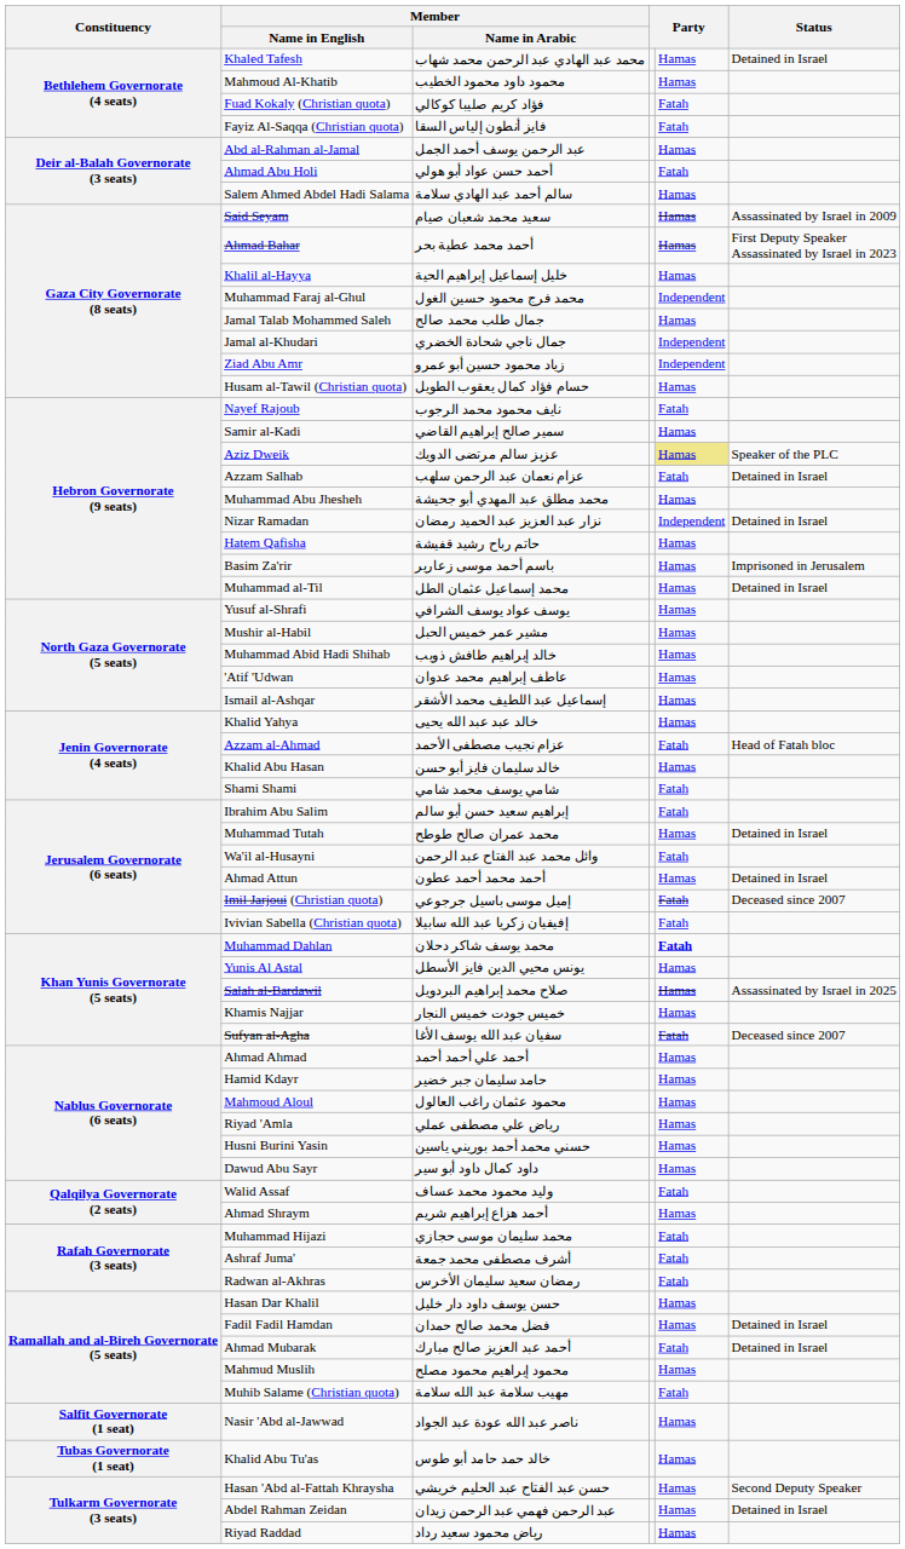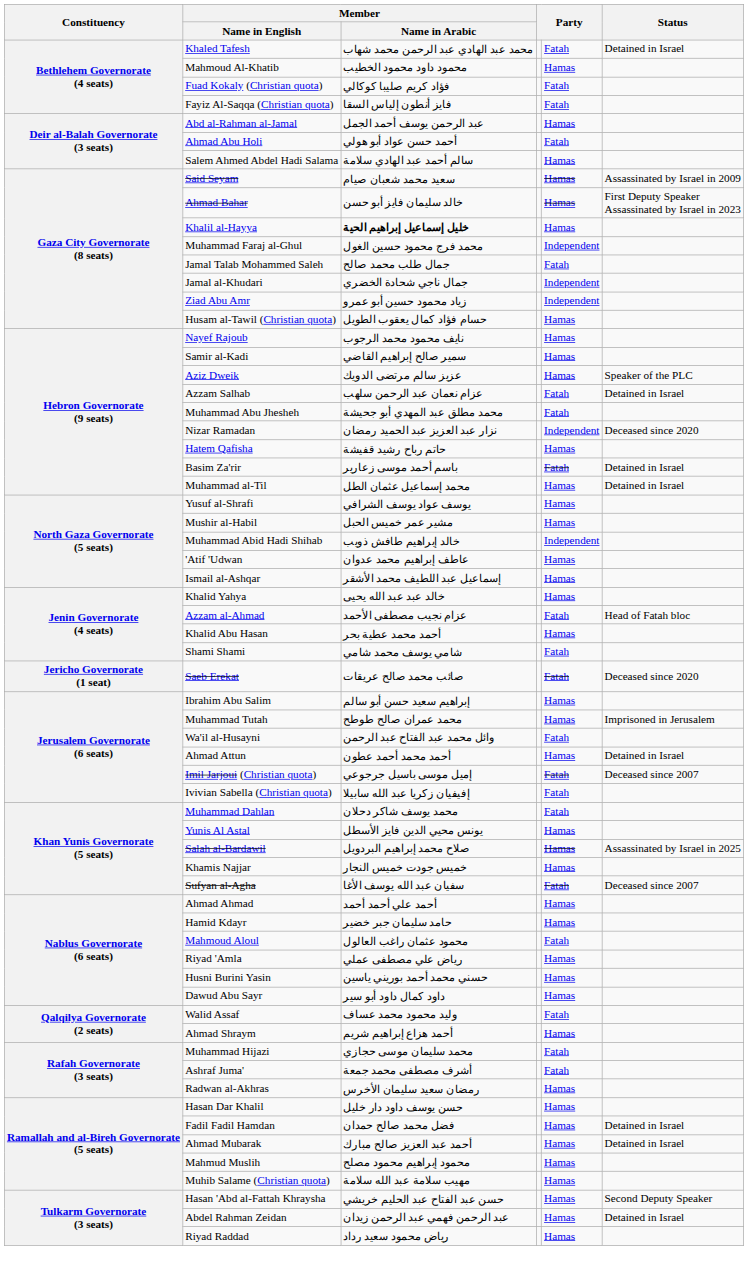 <table class="wikitable">
 <tr>
 <th colspan="1" rowspan="2">Constituency</th>
 <th colspan="2">Member</th>
 <th colspan="2" rowspan="2">Party</th>
 <th colspan="1" rowspan="2">Status</th>
 </tr>
 <tr>
 <th>Name in English</th>
 <th>Name in Arabic</th>
 </tr>
 <tr>
 <th rowspan="4"><a href='#'>Bethlehem Governorate</a><br>(4 seats)</th>
 <td><a href='#'>Khaled Tafesh</a></td>
 <td>محمد عبد الهادي عبد الرحمن محمد شهاب</td>
 <td style="background-color: "></td>
-<td><a href='#'>Hamas</a></td>
+<td><a href='#'>Fatah</a></td>
 <td>Detained in Israel</td>
 </tr>
 <tr>
 <td>Mahmoud Al-Khatib</td>
 <td>محمود داود محمود الخطيب</td>
 <td style="background-color: "></td>
 <td><a href='#'>Hamas</a></td>
 <td></td>
 </tr>
 <tr>
 <td><a href='#'>Fuad Kokaly</a> (<a href='#'>Christian quota</a>)</td>
 <td>فؤاد كريم صليبا كوكالي</td>
 <td style="background-color: "></td>
 <td><a href='#'>Fatah</a></td>
 <td></td>
 </tr>
 <tr>
 <td>Fayiz Al-Saqqa (<a href='#'>Christian quota</a>)</td>
 <td>فايز أنطون إلياس السقا</td>
 <td style="background-color: "></td>
 <td><a href='#'>Fatah</a></td>
 <td></td>
 </tr>
 <tr>
 <th rowspan="3"><a href='#'>Deir al-Balah Governorate</a><br>(3 seats)</th>
 <td><a href='#'>Abd al-Rahman al-Jamal</a></td>
 <td>عبد الرحمن يوسف أحمد الجمل</td>
 <td style="background-color: "></td>
 <td><a href='#'>Hamas</a></td>
 </tr>
 <tr>
 <td><a href='#'>Ahmad Abu Holi</a></td>
 <td>أحمد حسن عواد أبو هولي</td>
 <td style="background-color: "></td>
 <td><a href='#'>Fatah</a></td>
 <td></td>
 </tr>
 <tr>
 <td>Salem Ahmed Abdel Hadi Salama</td>
 <td>سالم أحمد عبد الهادي سلامة</td>
 <td style="background-color: "></td>
 <td><a href='#'>Hamas</a></td>
 <td></td>
 </tr>
 <tr>
 <th rowspan="8"><a href='#'>Gaza City Governorate</a><br>(8 seats)</th>
 <td><s><a href='#'>Said Seyam</a></s></td>
 <td>سعيد محمد شعبان صيام</td>
 <td style="background-color: "></td>
 <td><s><a href='#'>Hamas</a></s></td>
 <td>Assassinated by Israel in 2009</td>
 </tr>
 <tr>
 <td><s><a href='#'>Ahmad Bahar</a></s></td>
-<td>أحمد محمد عطية بحر</td>
+<td>خالد سليمان فايز أبو حسن</td>
 <td style="background-color: "></td>
 <td><s><a href='#'>Hamas</a></s></td>
 <td>First Deputy Speaker<br>Assassinated by Israel in 2023</td>
 </tr>
 <tr>
 <td><a href='#'>Khalil al-Hayya</a></td>
-<td>خليل إسماعيل إبراهيم الحية</td>
+<td><strong>خليل إسماعيل إبراهيم الحية</strong></td>
 <td style="background-color: "></td>
 <td><a href='#'>Hamas</a></td>
 <td></td>
 </tr>
 <tr>
 <td>Muhammad Faraj al-Ghul</td>
 <td>محمد فرج محمود حسين الغول</td>
 <td style="background-color: "></td>
 <td><a href='#'>Independent</a></td>
 <td></td>
 </tr>
 <tr>
 <td>Jamal Talab Mohammed Saleh</td>
 <td>جمال طلب محمد صالح</td>
 <td style="background-color: "></td>
-<td><a href='#'>Hamas</a></td>
+<td><a href='#'>Fatah</a></td>
 <td></td>
 </tr>
 <tr>
 <td>Jamal al-Khudari</td>
 <td>جمال ناجي شحادة الخضري</td>
 <td style="background-color: "></td>
 <td><a href='#'>Independent</a></td>
 <td></td>
 </tr>
 <tr>
 <td><a href='#'>Ziad Abu Amr</a></td>
 <td>زياد محمود حسين أبو عمرو</td>
 <td style="background-color: "></td>
 <td><a href='#'>Independent</a></td>
 <td></td>
 </tr>
 <tr>
 <td>Husam al-Tawil (<a href='#'>Christian quota</a>)</td>
 <td>حسام فؤاد كمال يعقوب الطويل</td>
 <td style="background-color: "></td>
 <td><a href='#'>Hamas</a></td>
 <td></td>
 </tr>
 <tr>
 <th rowspan="9"><a href='#'>Hebron Governorate</a><br>(9 seats)</th>
 <td><a href='#'>Nayef Rajoub</a></td>
 <td>نايف محمود محمد الرجوب</td>
 <td style="background-color: "></td>
-<td><a href='#'>Fatah</a></td>
+<td><a href='#'>Hamas</a></td>
 <td></td>
 </tr>
 <tr>
 <td>Samir al-Kadi</td>
 <td>سمير صالح إبراهيم القاضي</td>
 <td style="background-color: "></td>
 <td><a href='#'>Hamas</a></td>
 <td></td>
 </tr>
 <tr>
 <td><a href='#'>Aziz Dweik</a></td>
 <td>عزيز سالم مرتضى الدويك</td>
 <td style="background-color: "></td>
-<td style="background: khaki;"><a href='#'>Hamas</a></td>
+<td><a href='#'>Hamas</a></td>
 <td>Speaker of the PLC</td>
 </tr>
 <tr>
 <td>Azzam Salhab</td>
 <td>عزام نعمان عبد الرحمن سلهب</td>
 <td style="background-color: "></td>
 <td><a href='#'>Fatah</a></td>
 <td>Detained in Israel</td>
 </tr>
 <tr>
 <td>Muhammad Abu Jhesheh</td>
 <td>محمد مطلق عبد المهدي أبو جحيشة</td>
 <td style="background-color: "></td>
-<td><a href='#'>Hamas</a></td>
+<td><a href='#'>Fatah</a></td>
 <td></td>
 </tr>
 <tr>
 <td>Nizar Ramadan</td>
 <td>نزار عبد العزيز عبد الحميد رمضان</td>
 <td style="background-color: "></td>
 <td><a href='#'>Independent</a></td>
-<td>Detained in Israel</td>
+<td>Deceased since 2020</td>
 </tr>
 <tr>
 <td><a href='#'>Hatem Qafisha</a></td>
 <td>حاتم رباح رشيد قفيشة</td>
 <td style="background-color: "></td>
 <td><a href='#'>Hamas</a></td>
 <td></td>
 </tr>
 <tr>
 <td>Basim Za'rir</td>
 <td>باسم أحمد موسى زعارير</td>
 <td style="background-color: "></td>
-<td><a href='#'>Hamas</a></td>
-<td>Imprisoned in Jerusalem</td>
+<td><s><a href='#'>Fatah</a></s></td>
+<td>Detained in Israel</td>
 </tr>
 <tr>
 <td>Muhammad al-Til</td>
 <td>محمد إسماعيل عثمان الطل</td>
 <td style="background-color: "></td>
 <td><a href='#'>Hamas</a></td>
 <td>Detained in Israel</td>
 </tr>
 <tr>
 <th rowspan="5"><a href='#'>North Gaza Governorate</a><br>(5 seats)</th>
 <td>Yusuf al-Shrafi</td>
 <td>يوسف عواد يوسف الشرافي</td>
 <td style="background-color: "></td>
 <td><a href='#'>Hamas</a></td>
 <td></td>
 </tr>
 <tr>
 <td>Mushir al-Habil</td>
 <td>مشير عمر خميس الحبل</td>
 <td style="background-color: "></td>
 <td><a href='#'>Hamas</a></td>
 <td></td>
 </tr>
 <tr>
 <td>Muhammad Abid Hadi Shihab</td>
 <td>خالد إبراهيم طافش ذويب</td>
 <td style="background-color: "></td>
-<td><a href='#'>Hamas</a></td>
+<td><a href='#'>Independent</a></td>
 <td></td>
 </tr>
 <tr>
 <td>'Atif 'Udwan</td>
 <td>عاطف إبراهيم محمد عدوان</td>
 <td style="background-color: "></td>
 <td><a href='#'>Hamas</a></td>
 <td></td>
 </tr>
 <tr>
 <td>Ismail al-Ashqar</td>
 <td>إسماعيل عبد اللطيف محمد الأشقر</td>
 <td style="background-color: "></td>
 <td><a href='#'>Hamas</a></td>
 <td></td>
 </tr>
 <tr>
 <th rowspan="4"><a href='#'>Jenin Governorate</a><br>(4 seats)</th>
 <td>Khalid Yahya</td>
 <td>خالد عبد عبد الله يحيى</td>
 <td style="background-color: "></td>
 <td><a href='#'>Hamas</a></td>
 <td></td>
 </tr>
 <tr>
 <td><a href='#'>Azzam al-Ahmad</a></td>
 <td>عزام نجيب مصطفى الأحمد</td>
 <td style="background-color: "></td>
 <td><a href='#'>Fatah</a></td>
 <td>Head of Fatah bloc</td>
 </tr>
 <tr>
 <td>Khalid Abu Hasan</td>
-<td>خالد سليمان فايز أبو حسن</td>
+<td>أحمد محمد عطية بحر</td>
 <td style="background-color: "></td>
 <td><a href='#'>Hamas</a></td>
 <td></td>
 </tr>
 <tr>
 <td>Shami Shami</td>
 <td>شامي يوسف محمد شامي</td>
 <td style="background-color: "></td>
 <td><a href='#'>Fatah</a></td>
 <td></td>
 </tr>
 <tr>
+<th rowspan="1"><a href='#'>Jericho Governorate</a><br>(1 seat)</th>
+<td><s><a href='#'>Saeb Erekat</a></s></td>
+<td>صائب محمد صالح عريقات</td>
+<td style="background-color: "></td>
+<td><s><a href='#'>Fatah</a></s></td>
+<td>Deceased since 2020</td>
+</tr>
+<tr>
 <th rowspan="6"><a href='#'>Jerusalem Governorate</a><br>(6 seats)</th>
 <td>Ibrahim Abu Salim</td>
 <td>إبراهيم سعيد حسن أبو سالم</td>
 <td style="background-color: "></td>
-<td><a href='#'>Fatah</a></td>
+<td><a href='#'>Hamas</a></td>
 <td></td>
 </tr>
 <tr>
 <td>Muhammad Tutah</td>
 <td>محمد عمران صالح طوطح</td>
 <td style="background-color: "></td>
 <td><a href='#'>Hamas</a></td>
-<td>Detained in Israel</td>
+<td>Imprisoned in Jerusalem</td>
 </tr>
 <tr>
 <td>Wa'il al-Husayni</td>
 <td>وائل محمد عبد الفتاح عبد الرحمن</td>
 <td style="background-color: "></td>
 <td><a href='#'>Fatah</a></td>
 <td></td>
 </tr>
 <tr>
 <td>Ahmad Attun</td>
 <td>أحمد محمد أحمد عطون</td>
 <td style="background-color: "></td>
 <td><a href='#'>Hamas</a></td>
 <td>Detained in Israel</td>
 </tr>
 <tr>
 <td><s><a href='#'>Imil Jarjoui</a></s> (<a href='#'>Christian quota</a>)</td>
 <td>إميل موسى باسيل جرجوعي</td>
 <td style="background-color: "></td>
 <td><s><a href='#'>Fatah</a></s></td>
 <td>Deceased since 2007</td>
 </tr>
 <tr>
 <td>Ivivian Sabella (<a href='#'>Christian quota</a>)</td>
 <td>إفيفيان زكريا عبد الله سابيلا</td>
 <td style="background-color: "></td>
 <td><a href='#'>Fatah</a></td>
 <td></td>
 </tr>
 <tr>
 <th rowspan="5"><a href='#'>Khan Yunis Governorate</a><br>(5 seats)</th>
 <td><a href='#'>Muhammad Dahlan</a></td>
 <td>محمد يوسف شاكر دحلان</td>
 <td style="background-color: "></td>
-<td><strong><a href='#'>Fatah</a></strong></td>
+<td><a href='#'>Fatah</a></td>
 <td></td>
 </tr>
 <tr>
 <td><a href='#'>Yunis Al Astal</a></td>
 <td>يونس محيي الدين فايز الأسطل</td>
 <td style="background-color: "></td>
 <td><a href='#'>Hamas</a></td>
 <td></td>
 </tr>
 <tr>
 <td><s><a href='#'>Salah al-Bardawil</a></s></td>
 <td>صلاح محمد إبراهيم البردويل</td>
 <td style="background-color: "></td>
 <td><s><a href='#'>Hamas</a></s></td>
 <td>Assassinated by Israel in 2025</td>
 </tr>
 <tr>
 <td>Khamis Najjar</td>
 <td>خميس جودت خميس النجار</td>
 <td style="background-color: "></td>
 <td><a href='#'>Hamas</a></td>
 <td></td>
 </tr>
 <tr>
 <td><s>Sufyan al-Agha</s></td>
 <td>سفيان عبد الله يوسف الأغا</td>
 <td style="background-color: "></td>
 <td><s><a href='#'>Fatah</a></s></td>
 <td>Deceased since 2007</td>
 </tr>
 <tr>
 <th rowspan="6"><a href='#'>Nablus Governorate</a><br>(6 seats)</th>
 <td>Ahmad Ahmad</td>
 <td>أحمد علي أحمد أحمد</td>
 <td style="background-color: "></td>
 <td><a href='#'>Hamas</a></td>
 <td></td>
 </tr>
 <tr>
 <td>Hamid Kdayr</td>
 <td>حامد سليمان جبر خضير</td>
 <td style="background-color: "></td>
 <td><a href='#'>Hamas</a></td>
 <td></td>
 </tr>
 <tr>
 <td><a href='#'>Mahmoud Aloul</a></td>
 <td>محمود عثمان راغب العالول</td>
 <td style="background-color: "></td>
-<td><a href='#'>Hamas</a></td>
+<td><a href='#'>Fatah</a></td>
 <td></td>
 </tr>
 <tr>
 <td>Riyad 'Amla</td>
 <td>رياض علي مصطفى عملي</td>
 <td style="background-color: "></td>
 <td><a href='#'>Hamas</a></td>
 <td></td>
 </tr>
 <tr>
 <td>Husni Burini Yasin</td>
 <td>حسني محمد أحمد بوريني ياسين</td>
 <td style="background-color: "></td>
 <td><a href='#'>Hamas</a></td>
 <td></td>
 </tr>
 <tr>
 <td>Dawud Abu Sayr</td>
 <td>داود كمال داود أبو سير</td>
 <td style="background-color: "></td>
 <td><a href='#'>Hamas</a></td>
 <td></td>
 </tr>
 <tr>
 <th rowspan="2"><a href='#'>Qalqilya Governorate</a><br>(2 seats)</th>
 <td>Walid Assaf</td>
 <td>وليد محمود محمد عساف</td>
 <td style="background-color: "></td>
 <td><a href='#'>Fatah</a></td>
 <td></td>
 </tr>
 <tr>
 <td>Ahmad Shraym</td>
 <td>أحمد هزاع إبراهيم شريم</td>
 <td style="background-color: "></td>
 <td><a href='#'>Hamas</a></td>
 <td></td>
 </tr>
 <tr>
 <th rowspan="3"><a href='#'>Rafah Governorate</a><br>(3 seats)</th>
 <td>Muhammad Hijazi</td>
 <td>محمد سليمان موسى حجازي</td>
 <td style="background-color: "></td>
 <td><a href='#'>Fatah</a></td>
 <td></td>
 </tr>
 <tr>
 <td>Ashraf Juma'</td>
 <td>أشرف مصطفى محمد جمعة</td>
 <td style="background-color: "></td>
 <td><a href='#'>Fatah</a></td>
 <td></td>
 </tr>
 <tr>
 <td>Radwan al-Akhras</td>
 <td>رمضان سعيد سليمان الأخرس</td>
 <td style="background-color: "></td>
-<td><a href='#'>Fatah</a></td>
+<td><a href='#'>Hamas</a></td>
 <td></td>
 </tr>
 <tr>
 <th rowspan="5"><a href='#'>Ramallah and al-Bireh Governorate</a><br>(5 seats)</th>
 <td>Hasan Dar Khalil</td>
 <td>حسن يوسف داود دار خليل</td>
 <td style="background-color: "></td>
 <td><a href='#'>Hamas</a></td>
 <td></td>
 </tr>
 <tr>
 <td>Fadil Fadil Hamdan</td>
 <td>فضل محمد صالح حمدان</td>
 <td style="background-color: "></td>
 <td><a href='#'>Hamas</a></td>
 <td>Detained in Israel</td>
 </tr>
 <tr>
 <td>Ahmad Mubarak</td>
 <td>أحمد عبد العزيز صالح مبارك</td>
 <td style="background-color: "></td>
-<td><a href='#'>Fatah</a></td>
+<td><a href='#'>Hamas</a></td>
 <td>Detained in Israel</td>
 </tr>
 <tr>
 <td>Mahmud Muslih</td>
 <td>محمود إبراهيم محمود مصلح</td>
 <td style="background-color: "></td>
 <td><a href='#'>Hamas</a></td>
 <td></td>
 </tr>
 <tr>
 <td>Muhib Salame (<a href='#'>Christian quota</a>)</td>
 <td>مهيب سلامة عبد الله سلامة</td>
-<td style="background-color: "></td>
-<td><a href='#'>Fatah</a></td>
-<td></td>
-</tr>
-<tr>
-<th rowspan="1"><a href='#'>Salfit Governorate</a><br>(1 seat)</th>
-<td>Nasir 'Abd al-Jawwad</td>
-<td>ناصر عبد الله عودة عبد الجواد</td>
-<td style="background-color: "></td>
-<td><a href='#'>Hamas</a></td>
-<td></td>
-</tr>
-<tr>
-<th rowspan="1"><a href='#'>Tubas Governorate</a><br>(1 seat)</th>
-<td>Khalid Abu Tu'as</td>
-<td>خالد حمد حامد أبو طوس</td>
 <td style="background-color: "></td>
 <td><a href='#'>Hamas</a></td>
 <td></td>
 </tr>
 <tr>
 <th rowspan="3"><a href='#'>Tulkarm Governorate</a><br>(3 seats)</th>
 <td>Hasan 'Abd al-Fattah Khraysha</td>
 <td>حسن عبد الفتاح عبد الحليم خريشي</td>
 <td style="background-color: "></td>
 <td><a href='#'>Hamas</a></td>
 <td>Second Deputy Speaker</td>
 </tr>
 <tr>
 <td>Abdel Rahman Zeidan</td>
 <td>عبد الرحمن فهمي عبد الرحمن زيدان</td>
 <td style="background-color: "></td>
 <td><a href='#'>Hamas</a></td>
 <td>Detained in Israel</td>
 </tr>
 <tr>
 <td>Riyad Raddad</td>
 <td>رياض محمود سعيد رداد</td>
 <td style="background-color: "></td>
 <td><a href='#'>Hamas</a></td>
 <td></td>
 </tr>
 </table>
